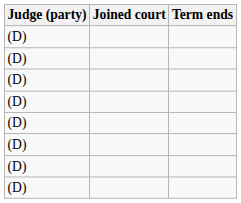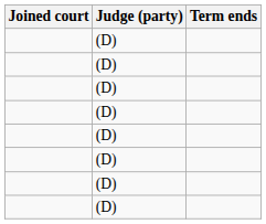 <table class="wikitable" style="border-collapse:collapse;" style="text-align: center">
 <tr bgcolor=#dedede>
+<th>Joined court</th>
 <th>Judge (party)</th>
-<th>Joined court</th>
 <th>Term ends</th>
 </tr>
 <tr>
+<td></td>
 <td> (D)</td>
-<td></td>
 <td></td>
 </tr>
 <tr>
+<td></td>
 <td> (D)</td>
-<td></td>
 <td></td>
 </tr>
 <tr>
+<td></td>
 <td> (D)</td>
-<td></td>
 <td></td>
 </tr>
 <tr>
+<td></td>
 <td> (D)</td>
-<td></td>
 <td></td>
 </tr>
 <tr>
+<td></td>
 <td> (D)</td>
-<td></td>
 <td></td>
 </tr>
 <tr>
+<td></td>
 <td> (D)</td>
-<td></td>
 <td></td>
 </tr>
 <tr>
+<td></td>
 <td> (D)</td>
-<td></td>
 <td></td>
 </tr>
 <tr>
+<td></td>
 <td> (D)</td>
-<td></td>
 <td></td>
 </tr>
 </table>
